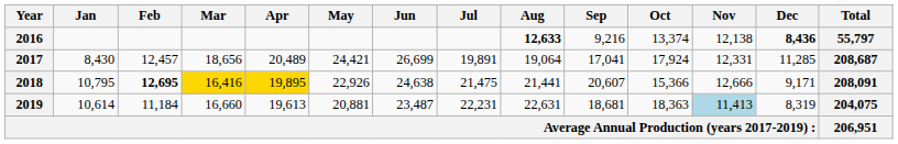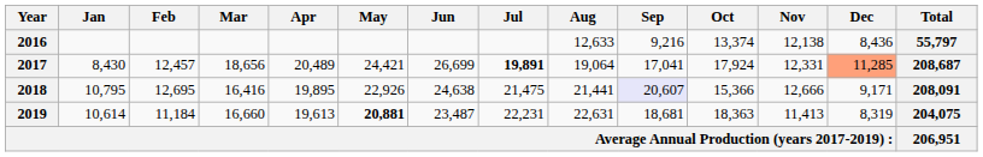 <table class=wikitable style="text-align:right; font-size:0.9em; width:950px;">
 <tr>
 <th>Year</th>
 <th>Jan</th>
 <th>Feb</th>
 <th>Mar</th>
 <th>Apr</th>
 <th>May</th>
 <th>Jun</th>
 <th>Jul</th>
 <th>Aug</th>
 <th>Sep</th>
 <th>Oct</th>
 <th>Nov</th>
 <th>Dec</th>
 <th>Total</th>
 </tr>
 <tr>
 <th>2016</th>
 <td></td>
 <td></td>
 <td></td>
 <td></td>
 <td></td>
 <td></td>
 <td></td>
-<td><strong>12,633</strong></td>
+<td>12,633</td>
 <td>9,216</td>
 <td>13,374</td>
 <td>12,138</td>
-<td><strong>8,436</strong></td>
+<td>8,436</td>
 <th>55,797</th>
 </tr>
 <tr>
 <th>2017</th>
 <td>8,430</td>
 <td>12,457</td>
 <td>18,656</td>
 <td>20,489</td>
 <td>24,421</td>
 <td>26,699</td>
-<td>19,891</td>
+<td><strong>19,891</strong></td>
 <td>19,064</td>
 <td>17,041</td>
 <td>17,924</td>
 <td>12,331</td>
-<td>11,285</td>
+<td style="background: lightsalmon;">11,285</td>
 <th>208,687</th>
 </tr>
 <tr>
 <th>2018</th>
 <td>10,795</td>
-<td><strong>12,695</strong></td>
-<td style="background: gold;">16,416</td>
-<td style="background: gold;">19,895</td>
+<td>12,695</td>
+<td>16,416</td>
+<td>19,895</td>
 <td>22,926</td>
 <td>24,638</td>
 <td>21,475</td>
 <td>21,441</td>
-<td>20,607</td>
+<td style="background: lavender;">20,607</td>
 <td>15,366</td>
 <td>12,666</td>
 <td>9,171</td>
 <th>208,091</th>
 </tr>
 <tr>
 <th>2019</th>
 <td>10,614</td>
 <td>11,184</td>
 <td>16,660</td>
 <td>19,613</td>
-<td>20,881</td>
+<td><strong>20,881</strong></td>
 <td>23,487</td>
 <td>22,231</td>
 <td>22,631</td>
 <td>18,681</td>
 <td>18,363</td>
-<td style="background: lightblue;">11,413</td>
+<td>11,413</td>
 <td>8,319</td>
 <th>204,075</th>
 </tr>
 <tr>
 <th colspan=13 style="text-align:right">Average Annual Production (years 2017-2019) :</th>
 <th>206,951</th>
 </tr>
 </table>
